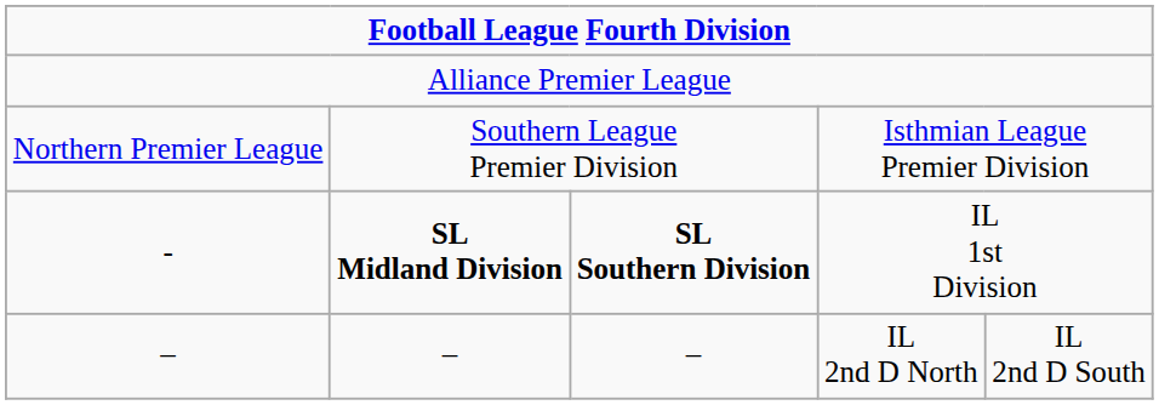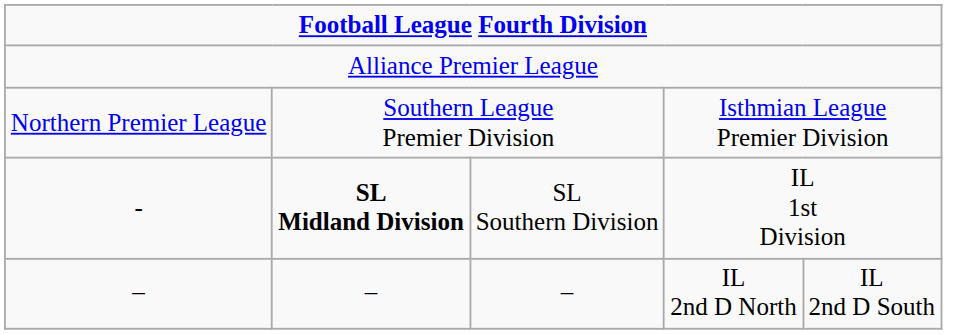 <table class="wikitable" style="text-align: center; font-size: 85%;">
 <tr>
 <td colspan="5"><strong><a href='#'>Football League</a> <a href='#'>Fourth Division</a></strong></td>
 </tr>
 <tr>
 <td colspan="5"><a href='#'>Alliance Premier League</a></td>
 </tr>
 <tr>
 <td><a href='#'>Northern Premier League</a></td>
 <td colspan="2"><a href='#'>Southern League</a><br>Premier Division</td>
 <td colspan="2"><a href='#'>Isthmian League</a><br>Premier Division</td>
 </tr>
 <tr>
 <td>-</td>
 <td><strong>SL<br>Midland Division</strong></td>
-<td><strong>SL<br>Southern Division</strong></td>
+<td>SL<br>Southern Division</td>
 <td colspan="2">IL<br>1st<br>Division</td>
 </tr>
 <tr>
 <td>–</td>
 <td>–</td>
 <td>–</td>
 <td>IL<br>2nd D North</td>
 <td>IL<br>2nd D South</td>
 </tr>
 </table>
